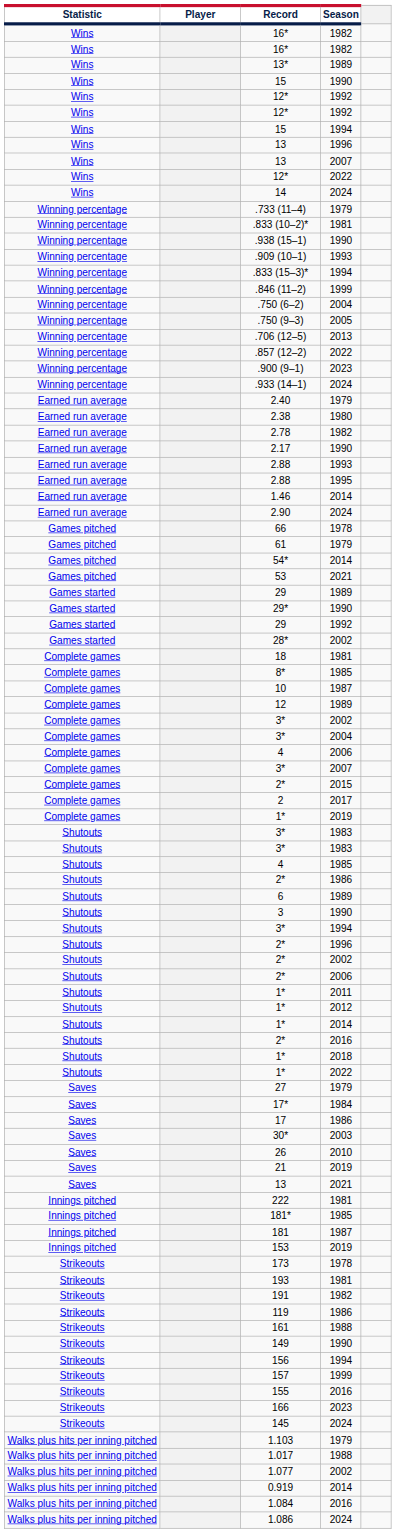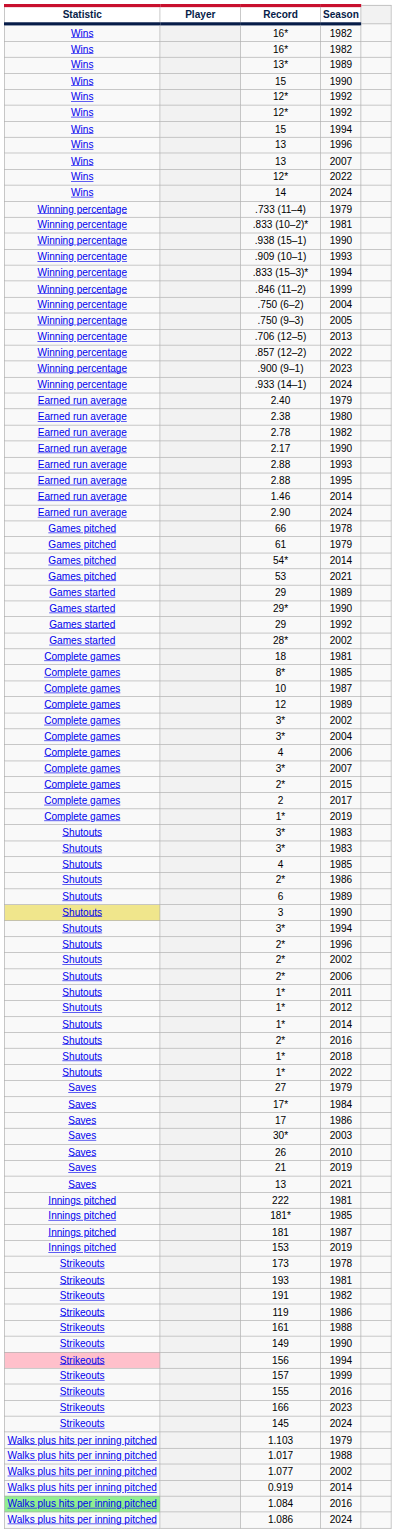 <table class="wikitable sortable plainrowheaders" style="text-align:center">
 <tr>
 <th width="240px" scope="col" style="background-color:#ffffff; border-top:#c8102e 5px solid; border-bottom:#071d49 5px solid; color:#071d49">Statistic</th>
 <th width="120px" scope="col" style="background-color:#ffffff; border-top:#c8102e 5px solid; border-bottom:#071d49 5px solid; color:#071d49">Player</th>
 <th width="120px" class="unsortable" scope="col" style="background-color:#ffffff; border-top:#c8102e 5px solid; border-bottom:#071d49 5px solid; color:#071d49">Record</th>
 <th scope="col" style="background-color:#ffffff; border-top:#c8102e 5px solid; border-bottom:#071d49 5px solid; color:#071d49">Season</th>
 <th style="width:40px" class="unsortable" scope="col" style="background-color:#ffffff; border-top:#c8102e 5px solid; border-bottom:#071d49 5px solid; color:#071d49"></th>
 </tr>
 <tr>
 <td><a href='#'>Wins</a></td>
 <th scope="row" style="text-align:center"></th>
 <td>16*</td>
 <td>1982</td>
 <td></td>
 </tr>
 <tr>
 <td><a href='#'>Wins</a></td>
 <th scope="row" style="text-align:center"></th>
 <td>16*</td>
 <td>1982</td>
 <td></td>
 </tr>
 <tr>
 <td><a href='#'>Wins</a></td>
 <th scope="row" style="text-align:center"></th>
 <td>13*</td>
 <td>1989</td>
 <td></td>
 </tr>
 <tr>
 <td><a href='#'>Wins</a></td>
 <th scope="row" style="text-align:center"></th>
 <td>15</td>
 <td>1990</td>
 <td></td>
 </tr>
 <tr>
 <td><a href='#'>Wins</a></td>
 <th scope="row" style="text-align:center"></th>
 <td>12*</td>
 <td>1992</td>
 <td></td>
 </tr>
 <tr>
 <td><a href='#'>Wins</a></td>
 <th scope="row" style="text-align:center"></th>
 <td>12*</td>
 <td>1992</td>
 <td></td>
 </tr>
 <tr>
 <td><a href='#'>Wins</a></td>
 <th scope="row" style="text-align:center"></th>
 <td>15</td>
 <td>1994</td>
 <td></td>
 </tr>
 <tr>
 <td><a href='#'>Wins</a></td>
 <th scope="row" style="text-align:center"></th>
 <td>13</td>
 <td>1996</td>
 <td></td>
 </tr>
 <tr>
 <td><a href='#'>Wins</a></td>
 <th scope="row" style="text-align:center"></th>
 <td>13</td>
 <td>2007</td>
 <td></td>
 </tr>
 <tr>
 <td><a href='#'>Wins</a></td>
 <th scope="row" style="text-align:center"></th>
 <td>12*</td>
 <td>2022</td>
 <td></td>
 </tr>
 <tr>
 <td><a href='#'>Wins</a></td>
 <th scope="row" style="text-align:center"></th>
 <td>14</td>
 <td>2024</td>
 <td></td>
 </tr>
 <tr>
 <td><a href='#'>Winning percentage</a></td>
 <th scope="row" style="text-align:center"></th>
 <td>.733 (11–4)</td>
 <td>1979</td>
 <td></td>
 </tr>
 <tr>
 <td><a href='#'>Winning percentage</a></td>
 <th scope="row" style="text-align:center"></th>
 <td>.833 (10–2)*</td>
 <td>1981</td>
 <td></td>
 </tr>
 <tr>
 <td><a href='#'>Winning percentage</a></td>
 <th scope="row" style="text-align:center"></th>
 <td>.938 (15–1)</td>
 <td>1990</td>
 <td></td>
 </tr>
 <tr>
 <td><a href='#'>Winning percentage</a></td>
 <th scope="row" style="text-align:center"></th>
 <td>.909 (10–1)</td>
 <td>1993</td>
 <td></td>
 </tr>
 <tr>
 <td><a href='#'>Winning percentage</a></td>
 <th scope="row" style="text-align:center"></th>
 <td>.833 (15–3)*</td>
 <td>1994</td>
 <td></td>
 </tr>
 <tr>
 <td><a href='#'>Winning percentage</a></td>
 <th scope="row" style="text-align:center"></th>
 <td>.846 (11–2)</td>
 <td>1999</td>
 <td></td>
 </tr>
 <tr>
 <td><a href='#'>Winning percentage</a></td>
 <th scope="row" style="text-align:center"></th>
 <td>.750 (6–2)</td>
 <td>2004</td>
 <td></td>
 </tr>
 <tr>
 <td><a href='#'>Winning percentage</a></td>
 <th scope="row" style="text-align:center"></th>
 <td>.750 (9–3)</td>
 <td>2005</td>
 <td></td>
 </tr>
 <tr>
 <td><a href='#'>Winning percentage</a></td>
 <th scope="row" style="text-align:center"></th>
 <td>.706 (12–5)</td>
 <td>2013</td>
 <td></td>
 </tr>
 <tr>
 <td><a href='#'>Winning percentage</a></td>
 <th scope="row" style="text-align:center"></th>
 <td>.857 (12–2)</td>
 <td>2022</td>
 <td></td>
 </tr>
 <tr>
 <td><a href='#'>Winning percentage</a></td>
 <th scope="row" style="text-align:center"></th>
 <td>.900 (9–1)</td>
 <td>2023</td>
 <td></td>
 </tr>
 <tr>
 <td><a href='#'>Winning percentage</a></td>
 <th scope="row" style="text-align:center"></th>
 <td>.933 (14–1)</td>
 <td>2024</td>
 <td></td>
 </tr>
 <tr>
 <td><a href='#'>Earned run average</a></td>
 <th scope="row" style="text-align:center"></th>
 <td>2.40</td>
 <td>1979</td>
 <td></td>
 </tr>
 <tr>
 <td><a href='#'>Earned run average</a></td>
 <th scope="row" style="text-align:center"></th>
 <td>2.38</td>
 <td>1980</td>
 <td></td>
 </tr>
 <tr>
 <td><a href='#'>Earned run average</a></td>
 <th scope="row" style="text-align:center"></th>
 <td>2.78</td>
 <td>1982</td>
 <td></td>
 </tr>
 <tr>
 <td><a href='#'>Earned run average</a></td>
 <th scope="row" style="text-align:center"></th>
 <td>2.17</td>
 <td>1990</td>
 <td></td>
 </tr>
 <tr>
 <td><a href='#'>Earned run average</a></td>
 <th scope="row" style="text-align:center"></th>
 <td>2.88</td>
 <td>1993</td>
 <td></td>
 </tr>
 <tr>
 <td><a href='#'>Earned run average</a></td>
 <th scope="row" style="text-align:center"></th>
 <td>2.88</td>
 <td>1995</td>
 <td></td>
 </tr>
 <tr>
 <td><a href='#'>Earned run average</a></td>
 <th scope="row" style="text-align:center"></th>
 <td>1.46</td>
 <td>2014</td>
 <td></td>
 </tr>
 <tr>
 <td><a href='#'>Earned run average</a></td>
 <th scope="row" style="text-align:center"></th>
 <td>2.90</td>
 <td>2024</td>
 <td></td>
 </tr>
 <tr>
 <td><a href='#'>Games pitched</a></td>
 <th scope="row" style="text-align:center"></th>
 <td>66</td>
 <td>1978</td>
 <td></td>
 </tr>
 <tr>
 <td><a href='#'>Games pitched</a></td>
 <th scope="row" style="text-align:center"></th>
 <td>61</td>
 <td>1979</td>
 <td></td>
 </tr>
 <tr>
 <td><a href='#'>Games pitched</a></td>
 <th scope="row" style="text-align:center"></th>
 <td>54*</td>
 <td>2014</td>
 <td></td>
 </tr>
 <tr>
 <td><a href='#'>Games pitched</a></td>
 <th scope="row" style="text-align:center"></th>
 <td>53</td>
 <td>2021</td>
 <td></td>
 </tr>
 <tr>
 <td><a href='#'>Games started</a></td>
 <th scope="row" style="text-align:center"></th>
 <td>29</td>
 <td>1989</td>
 <td></td>
 </tr>
 <tr>
 <td><a href='#'>Games started</a></td>
 <th scope="row" style="text-align:center"></th>
 <td>29*</td>
 <td>1990</td>
 <td></td>
 </tr>
 <tr>
 <td><a href='#'>Games started</a></td>
 <th scope="row" style="text-align:center"></th>
 <td>29</td>
 <td>1992</td>
 <td></td>
 </tr>
 <tr>
 <td><a href='#'>Games started</a></td>
 <th scope="row" style="text-align:center"></th>
 <td>28*</td>
 <td>2002</td>
 <td></td>
 </tr>
 <tr>
 <td><a href='#'>Complete games</a></td>
 <th scope="row" style="text-align:center"></th>
 <td>18</td>
 <td>1981</td>
 <td></td>
 </tr>
 <tr>
 <td><a href='#'>Complete games</a></td>
 <th scope="row" style="text-align:center"></th>
 <td>8*</td>
 <td>1985</td>
 <td></td>
 </tr>
 <tr>
 <td><a href='#'>Complete games</a></td>
 <th scope="row" style="text-align:center"></th>
 <td>10</td>
 <td>1987</td>
 <td></td>
 </tr>
 <tr>
 <td><a href='#'>Complete games</a></td>
 <th scope="row" style="text-align:center"></th>
 <td>12</td>
 <td>1989</td>
 <td></td>
 </tr>
 <tr>
 <td><a href='#'>Complete games</a></td>
 <th scope="row" style="text-align:center"></th>
 <td>3*</td>
 <td>2002</td>
 <td></td>
 </tr>
 <tr>
 <td><a href='#'>Complete games</a></td>
 <th scope="row" style="text-align:center"></th>
 <td>3*</td>
 <td>2004</td>
 <td></td>
 </tr>
 <tr>
 <td><a href='#'>Complete games</a></td>
 <th scope="row" style="text-align:center"></th>
 <td>4</td>
 <td>2006</td>
 <td></td>
 </tr>
 <tr>
 <td><a href='#'>Complete games</a></td>
 <th scope="row" style="text-align:center"></th>
 <td>3*</td>
 <td>2007</td>
 <td></td>
 </tr>
 <tr>
 <td><a href='#'>Complete games</a></td>
 <th scope="row" style="text-align:center"></th>
 <td>2*</td>
 <td>2015</td>
 <td></td>
 </tr>
 <tr>
 <td><a href='#'>Complete games</a></td>
 <th scope="row" style="text-align:center"></th>
 <td>2</td>
 <td>2017</td>
 <td></td>
 </tr>
 <tr>
 <td><a href='#'>Complete games</a></td>
 <th scope="row" style="text-align:center"></th>
 <td>1*</td>
 <td>2019</td>
 <td></td>
 </tr>
 <tr>
 <td><a href='#'>Shutouts</a></td>
 <th scope="row" style="text-align:center"></th>
 <td>3*</td>
 <td>1983</td>
 <td></td>
 </tr>
 <tr>
 <td><a href='#'>Shutouts</a></td>
 <th scope="row" style="text-align:center"></th>
 <td>3*</td>
 <td>1983</td>
 <td></td>
 </tr>
 <tr>
 <td><a href='#'>Shutouts</a></td>
 <th scope="row" style="text-align:center"></th>
 <td>4</td>
 <td>1985</td>
 <td></td>
 </tr>
 <tr>
 <td><a href='#'>Shutouts</a></td>
 <th scope="row" style="text-align:center"></th>
 <td>2*</td>
 <td>1986</td>
 <td></td>
 </tr>
 <tr>
 <td><a href='#'>Shutouts</a></td>
 <th scope="row" style="text-align:center"></th>
 <td>6</td>
 <td>1989</td>
 <td></td>
 </tr>
 <tr>
-<td><a href='#'>Shutouts</a></td>
+<td style="background: khaki;"><a href='#'>Shutouts</a></td>
 <th scope="row" style="text-align:center"></th>
 <td>3</td>
 <td>1990</td>
 <td></td>
 </tr>
 <tr>
 <td><a href='#'>Shutouts</a></td>
 <th scope="row" style="text-align:center"></th>
 <td>3*</td>
 <td>1994</td>
 <td></td>
 </tr>
 <tr>
 <td><a href='#'>Shutouts</a></td>
 <th scope="row" style="text-align:center"></th>
 <td>2*</td>
 <td>1996</td>
 <td></td>
 </tr>
 <tr>
 <td><a href='#'>Shutouts</a></td>
 <th scope="row" style="text-align:center"></th>
 <td>2*</td>
 <td>2002</td>
 <td></td>
 </tr>
 <tr>
 <td><a href='#'>Shutouts</a></td>
 <th scope="row" style="text-align:center"></th>
 <td>2*</td>
 <td>2006</td>
 <td></td>
 </tr>
 <tr>
 <td><a href='#'>Shutouts</a></td>
 <th scope="row" style="text-align:center"></th>
 <td>1*</td>
 <td>2011</td>
 <td></td>
 </tr>
 <tr>
 <td><a href='#'>Shutouts</a></td>
 <th scope="row" style="text-align:center"></th>
 <td>1*</td>
 <td>2012</td>
 <td></td>
 </tr>
 <tr>
 <td><a href='#'>Shutouts</a></td>
 <th scope="row" style="text-align:center"></th>
 <td>1*</td>
 <td>2014</td>
 <td></td>
 </tr>
 <tr>
 <td><a href='#'>Shutouts</a></td>
 <th scope="row" style="text-align:center"></th>
 <td>2*</td>
 <td>2016</td>
 <td></td>
 </tr>
 <tr>
 <td><a href='#'>Shutouts</a></td>
 <th scope="row" style="text-align:center"></th>
 <td>1*</td>
 <td>2018</td>
 <td></td>
 </tr>
 <tr>
 <td><a href='#'>Shutouts</a></td>
 <th scope="row" style="text-align:center"></th>
 <td>1*</td>
 <td>2022</td>
 <td></td>
 </tr>
 <tr>
 <td><a href='#'>Saves</a></td>
 <th scope="row" style="text-align:center"></th>
 <td>27</td>
 <td>1979</td>
 <td></td>
 </tr>
 <tr>
 <td><a href='#'>Saves</a></td>
 <th scope="row" style="text-align:center"></th>
 <td>17*</td>
 <td>1984</td>
 <td></td>
 </tr>
 <tr>
 <td><a href='#'>Saves</a></td>
 <th scope="row" style="text-align:center"></th>
 <td>17</td>
 <td>1986</td>
 <td></td>
 </tr>
 <tr>
 <td><a href='#'>Saves</a></td>
 <th scope="row" style="text-align:center"></th>
 <td>30*</td>
 <td>2003</td>
 <td></td>
 </tr>
 <tr>
 <td><a href='#'>Saves</a></td>
 <th scope="row" style="text-align:center"></th>
 <td>26</td>
 <td>2010</td>
 <td></td>
 </tr>
 <tr>
 <td><a href='#'>Saves</a></td>
 <th scope="row" style="text-align:center"></th>
 <td>21</td>
 <td>2019</td>
 <td></td>
 </tr>
 <tr>
 <td><a href='#'>Saves</a></td>
 <th scope="row" style="text-align:center"></th>
 <td>13</td>
 <td>2021</td>
 <td></td>
 </tr>
 <tr>
 <td><a href='#'>Innings pitched</a></td>
 <th scope="row" style="text-align:center"></th>
 <td>222</td>
 <td>1981</td>
 <td></td>
 </tr>
 <tr>
 <td><a href='#'>Innings pitched</a></td>
 <th scope="row" style="text-align:center"></th>
 <td>181*</td>
 <td>1985</td>
 <td></td>
 </tr>
 <tr>
 <td><a href='#'>Innings pitched</a></td>
 <th scope="row" style="text-align:center"></th>
 <td>181</td>
 <td>1987</td>
 <td></td>
 </tr>
 <tr>
 <td><a href='#'>Innings pitched</a></td>
 <th scope="row" style="text-align:center"></th>
 <td>153</td>
 <td>2019</td>
 <td></td>
 </tr>
 <tr>
 <td><a href='#'>Strikeouts</a></td>
 <th scope="row" style="text-align:center"></th>
 <td>173</td>
 <td>1978</td>
 <td></td>
 </tr>
 <tr>
 <td><a href='#'>Strikeouts</a></td>
 <th scope="row" style="text-align:center"></th>
 <td>193</td>
 <td>1981</td>
 <td></td>
 </tr>
 <tr>
 <td><a href='#'>Strikeouts</a></td>
 <th scope="row" style="text-align:center"></th>
 <td>191</td>
 <td>1982</td>
 <td></td>
 </tr>
 <tr>
 <td><a href='#'>Strikeouts</a></td>
 <th scope="row" style="text-align:center"></th>
 <td>119</td>
 <td>1986</td>
 <td></td>
 </tr>
 <tr>
 <td><a href='#'>Strikeouts</a></td>
 <th scope="row" style="text-align:center"></th>
 <td>161</td>
 <td>1988</td>
 <td></td>
 </tr>
 <tr>
 <td><a href='#'>Strikeouts</a></td>
 <th scope="row" style="text-align:center"></th>
 <td>149</td>
 <td>1990</td>
 <td></td>
 </tr>
 <tr>
-<td><a href='#'>Strikeouts</a></td>
+<td style="background: pink;"><a href='#'>Strikeouts</a></td>
 <th scope="row" style="text-align:center"></th>
 <td>156</td>
 <td>1994</td>
 <td></td>
 </tr>
 <tr>
 <td><a href='#'>Strikeouts</a></td>
 <th scope="row" style="text-align:center"></th>
 <td>157</td>
 <td>1999</td>
 <td></td>
 </tr>
 <tr>
 <td><a href='#'>Strikeouts</a></td>
 <th scope="row" style="text-align:center"></th>
 <td>155</td>
 <td>2016</td>
 <td></td>
 </tr>
 <tr>
 <td><a href='#'>Strikeouts</a></td>
 <th scope="row" style="text-align:center"></th>
 <td>166</td>
 <td>2023</td>
 <td></td>
 </tr>
 <tr>
 <td><a href='#'>Strikeouts</a></td>
 <th scope="row" style="text-align:center"></th>
 <td>145</td>
 <td>2024</td>
 <td></td>
 </tr>
 <tr>
 <td><a href='#'>Walks plus hits per inning pitched</a></td>
 <th scope="row" style="text-align:center"></th>
 <td>1.103</td>
 <td>1979</td>
 <td></td>
 </tr>
 <tr>
 <td><a href='#'>Walks plus hits per inning pitched</a></td>
 <th scope="row" style="text-align:center"></th>
 <td>1.017</td>
 <td>1988</td>
 <td></td>
 </tr>
 <tr>
 <td><a href='#'>Walks plus hits per inning pitched</a></td>
 <th scope="row" style="text-align:center"></th>
 <td>1.077</td>
 <td>2002</td>
 <td></td>
 </tr>
 <tr>
 <td><a href='#'>Walks plus hits per inning pitched</a></td>
 <th scope="row" style="text-align:center"></th>
 <td>0.919</td>
 <td>2014</td>
 <td></td>
 </tr>
 <tr>
-<td><a href='#'>Walks plus hits per inning pitched</a></td>
+<td style="background: lightgreen;"><a href='#'>Walks plus hits per inning pitched</a></td>
 <th scope="row" style="text-align:center"></th>
 <td>1.084</td>
 <td>2016</td>
 <td></td>
 </tr>
 <tr>
 <td><a href='#'>Walks plus hits per inning pitched</a></td>
 <th scope="row" style="text-align:center"></th>
 <td>1.086</td>
 <td>2024</td>
 <td></td>
 </tr>
 </table>
